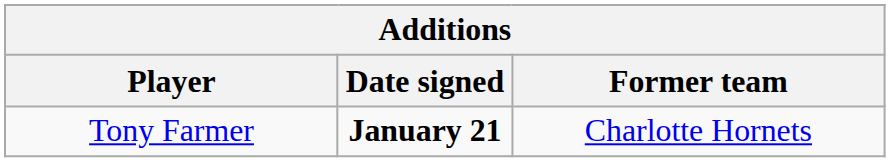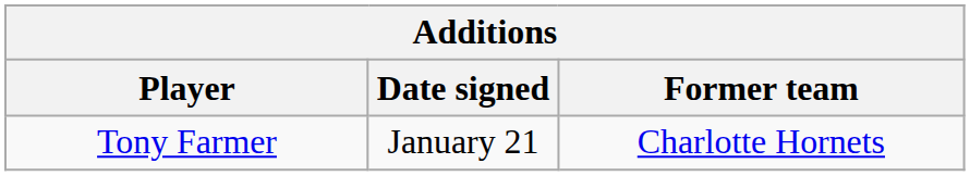 <table class="wikitable" style="text-align:center">
 <tr>
 <th colspan=3>Additions</th>
 </tr>
 <tr>
 <th style="width:160px">Player</th>
 <th style="width:80px">Date signed</th>
 <th style="width:180px">Former team</th>
 </tr>
 <tr>
 <td><a href='#'>Tony Farmer</a></td>
-<td><strong>January 21</strong></td>
+<td>January 21</td>
 <td><a href='#'>Charlotte Hornets</a></td>
 </tr>
 </table>
